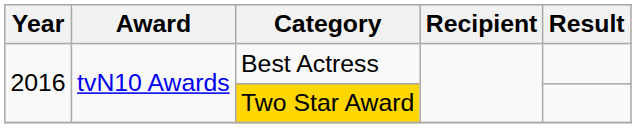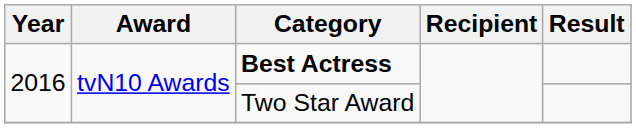 <table class="wikitable">
 <tr>
 <th>Year</th>
 <th>Award</th>
 <th>Category</th>
 <th>Recipient</th>
 <th>Result</th>
 </tr>
 <tr>
 <td rowspan="2">2016</td>
 <td rowspan="2"><a href='#'>tvN10 Awards</a></td>
-<td>Best Actress</td>
+<td><strong>Best Actress</strong></td>
 <td rowspan="2"></td>
 <td></td>
 </tr>
 <tr>
-<td style="background: gold;">Two Star Award</td>
+<td>Two Star Award</td>
 <td></td>
 </tr>
 <tr>
 </tr>
 </table>
